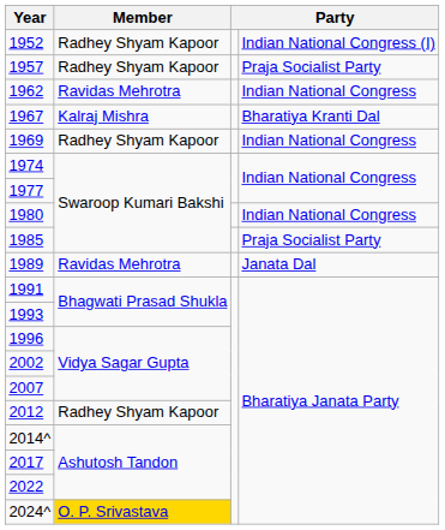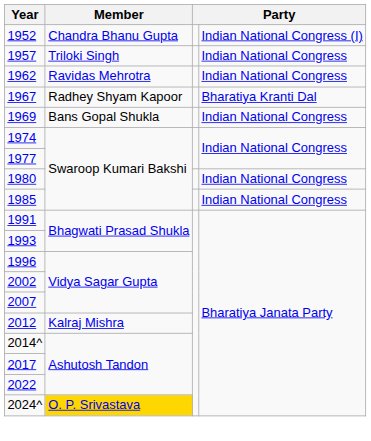 <table class="wikitable">
 <tr>
 <th>Year</th>
 <th>Member</th>
 <th colspan="2">Party</th>
 </tr>
 <tr>
 <td><a href='#'>1952</a></td>
-<td>Radhey Shyam Kapoor</td>
+<td><a href='#'>Chandra Bhanu Gupta</a></td>
 <td style="background-color: "></td>
 <td><a href='#'>Indian National Congress (I)</a></td>
 </tr>
 <tr>
 <td><a href='#'>1957</a></td>
-<td>Radhey Shyam Kapoor</td>
+<td><a href='#'>Triloki Singh</a></td>
 <td style="background-color: "></td>
-<td><a href='#'>Praja Socialist Party</a></td>
+<td><a href='#'>Indian National Congress</a></td>
 </tr>
 <tr>
 <td><a href='#'>1962</a></td>
 <td><a href='#'>Ravidas Mehrotra</a></td>
 <td style="background-color: "></td>
 <td><a href='#'>Indian National Congress</a></td>
 </tr>
 <tr>
 <td><a href='#'>1967</a></td>
-<td><a href='#'>Kalraj Mishra</a></td>
+<td>Radhey Shyam Kapoor</td>
 <td style="background-color: "></td>
 <td><a href='#'>Bharatiya Kranti Dal</a></td>
 </tr>
 <tr>
 <td><a href='#'>1969</a></td>
-<td>Radhey Shyam Kapoor</td>
+<td>Bans Gopal Shukla</td>
 <td style="background-color: "></td>
 <td><a href='#'>Indian National Congress</a></td>
 </tr>
 <tr>
 <td><a href='#'>1974</a></td>
 <td rowspan="4">Swaroop Kumari Bakshi</td>
 <td rowspan="2" style="background-color: "></td>
 <td rowspan="2"><a href='#'>Indian National Congress</a></td>
 </tr>
 <tr>
 <td><a href='#'>1977</a></td>
 </tr>
 <tr>
 <td><a href='#'>1980</a></td>
 <td style="background-color: "></td>
 <td><a href='#'>Indian National Congress</a></td>
 </tr>
 <tr>
 <td><a href='#'>1985</a></td>
 <td style="background-color: "></td>
-<td><a href='#'>Praja Socialist Party</a></td>
-</tr>
-<tr>
-<td><a href='#'>1989</a></td>
-<td><a href='#'>Ravidas Mehrotra</a></td>
-<td style="background-color: "></td>
-<td><a href='#'>Janata Dal</a></td>
+<td><a href='#'>Indian National Congress</a></td>
 </tr>
 <tr>
 <td><a href='#'>1991</a></td>
 <td rowspan="2"><a href='#'>Bhagwati Prasad Shukla</a></td>
 <td rowspan="10" style="background-color: "></td>
 <td rowspan="10"><a href='#'>Bharatiya Janata Party</a></td>
 </tr>
 <tr>
 <td><a href='#'>1993</a></td>
 </tr>
 <tr>
 <td><a href='#'>1996</a></td>
 <td rowspan="3"><a href='#'>Vidya Sagar Gupta</a></td>
 </tr>
 <tr>
 <td><a href='#'>2002</a></td>
 </tr>
 <tr>
 <td><a href='#'>2007</a></td>
 </tr>
 <tr>
 <td><a href='#'>2012</a></td>
-<td>Radhey Shyam Kapoor</td>
+<td><a href='#'>Kalraj Mishra</a></td>
 </tr>
 <tr>
 <td>2014^</td>
 <td rowspan="3"><a href='#'>Ashutosh Tandon</a></td>
 </tr>
 <tr>
 <td><a href='#'>2017</a></td>
 </tr>
 <tr>
 <td><a href='#'>2022</a></td>
 </tr>
 <tr>
 <td>2024^</td>
 <td style="background: gold;"><a href='#'>O. P. Srivastava</a></td>
 </tr>
 </table>
